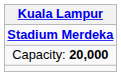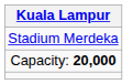 <table class="wikitable" style="text-align:center">
 <tr>
 <th><a href='#'>Kuala Lampur</a></th>
 </tr>
 <tr>
-<td><strong><a href='#'>Stadium Merdeka</a></strong></td>
+<td><a href='#'>Stadium Merdeka</a></td>
 </tr>
 <tr>
 <td>Capacity: <strong>20,000</strong></td>
 </tr>
 <tr>
 <td></td>
 </tr>
 </table>
